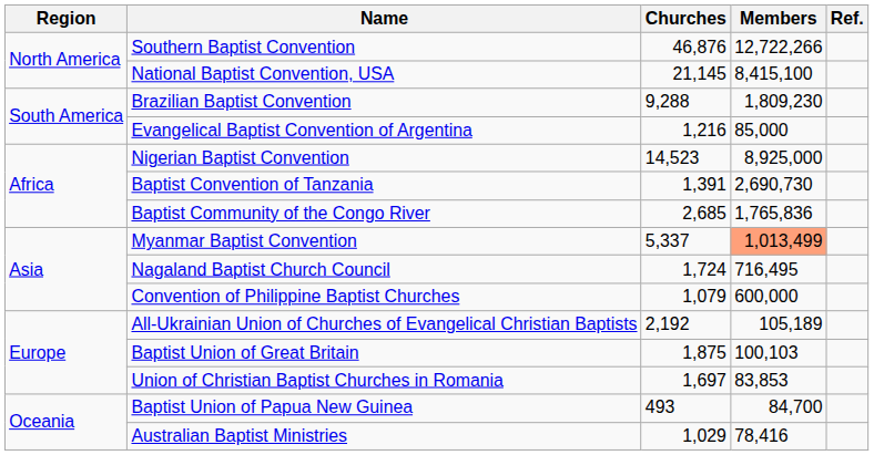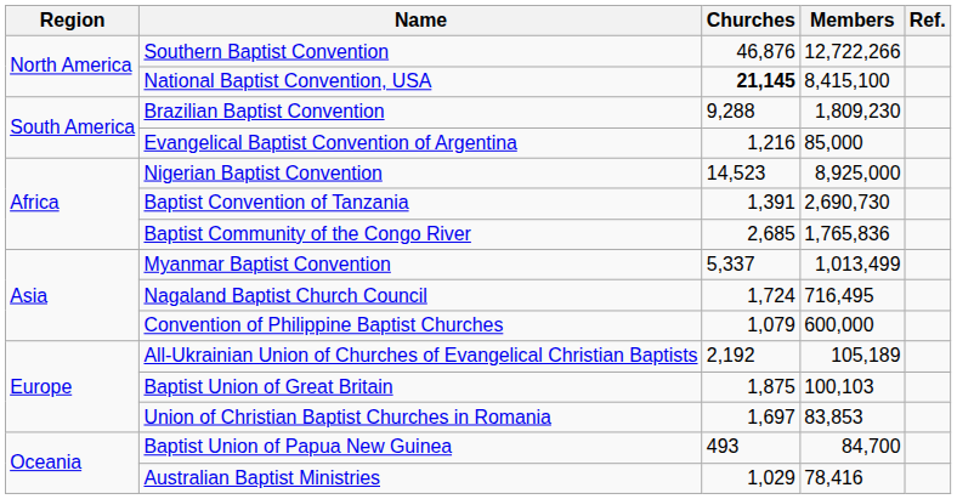 <table class="wikitable col3right">
 <tr>
 <th>Region</th>
 <th>Name</th>
 <th>Churches</th>
 <th>Members</th>
 <th>Ref.</th>
 </tr>
 <tr>
 <td rowspan=2><a href='#'>North America</a></td>
 <td><a href='#'>Southern Baptist Convention</a></td>
 <td style="text-align:right">46,876</td>
 <td style="text-align:right">12,722,266</td>
 <td></td>
 </tr>
 <tr>
 <td><a href='#'>National Baptist Convention, USA</a></td>
-<td style="text-align:right">21,145</td>
+<td style="text-align:right"><strong>21,145</strong></td>
 <td>8,415,100</td>
 <td></td>
 </tr>
 <tr>
 <td rowspan=2><a href='#'>South America</a></td>
 <td><a href='#'>Brazilian Baptist Convention</a></td>
 <td>9,288</td>
 <td style="text-align:right">1,809,230</td>
 <td></td>
 </tr>
 <tr>
 <td><a href='#'>Evangelical Baptist Convention of Argentina</a></td>
 <td style="text-align:right">1,216</td>
 <td>85,000</td>
 <td></td>
 </tr>
 <tr>
 <td rowspan=3><a href='#'>Africa</a></td>
 <td><a href='#'>Nigerian Baptist Convention</a></td>
 <td>14,523</td>
 <td style="text-align:right">8,925,000</td>
 <td></td>
 </tr>
 <tr>
 <td><a href='#'>Baptist Convention of Tanzania</a></td>
 <td style="text-align:right">1,391</td>
 <td>2,690,730</td>
 <td></td>
 </tr>
 <tr>
 <td><a href='#'>Baptist Community of the Congo River</a></td>
 <td style="text-align:right">2,685</td>
 <td>1,765,836</td>
 <td></td>
 </tr>
 <tr>
 <td rowspan=3><a href='#'>Asia</a></td>
 <td><a href='#'>Myanmar Baptist Convention</a></td>
 <td>5,337</td>
-<td style="background: lightsalmon; text-align:right">1,013,499</td>
+<td style="text-align:right">1,013,499</td>
 <td></td>
 </tr>
 <tr>
 <td><a href='#'>Nagaland Baptist Church Council</a></td>
 <td style="text-align:right">1,724</td>
 <td>716,495</td>
 <td></td>
 </tr>
 <tr>
 <td><a href='#'>Convention of Philippine Baptist Churches</a></td>
 <td style="text-align:right">1,079</td>
 <td>600,000</td>
 <td></td>
 </tr>
 <tr>
 <td rowspan=3><a href='#'>Europe</a></td>
 <td><a href='#'>All-Ukrainian Union of Churches of Evangelical Christian Baptists</a></td>
 <td>2,192</td>
 <td style="text-align:right">105,189</td>
 <td></td>
 </tr>
 <tr>
 <td><a href='#'>Baptist Union of Great Britain</a></td>
 <td style="text-align:right">1,875</td>
 <td>100,103</td>
 </tr>
 <tr>
 <td><a href='#'>Union of Christian Baptist Churches in Romania</a></td>
 <td style="text-align:right">1,697</td>
 <td>83,853</td>
 <td></td>
 </tr>
 <tr>
 <td rowspan=2><a href='#'>Oceania</a></td>
 <td><a href='#'>Baptist Union of Papua New Guinea</a></td>
 <td>493</td>
 <td style="text-align:right">84,700</td>
 <td></td>
 </tr>
 <tr>
 <td><a href='#'>Australian Baptist Ministries</a></td>
 <td style="text-align:right">1,029</td>
 <td>78,416</td>
 <td></td>
 </tr>
 </table>
